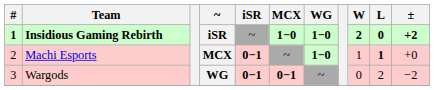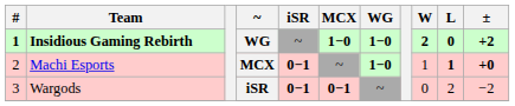 <table class="wikitable" style="font-size: 95%; text-align: center">
 <tr>
 <th width="15">#</th>
 <th style="width:200px;">Team</th>
 <th rowspan="10" style="width:5px;;"></th>
 <th>~</th>
 <th style="width:35px;" title="">iSR</th>
 <th style="width:35px;" title="">MCX</th>
 <th style="width:35px;" title="">WG</th>
 <th rowspan="10" style="width:5px;;"></th>
 <th style="width:20px;" title="Wins">W</th>
 <th style="width:20px;" title="Losses">L</th>
 <th style="width:40px;">±</th>
 </tr>
 <tr style="background:#cfc;">
 <td><strong>1</strong></td>
 <td style="text-align: left"> <strong>⁠⁠Insidious Gaming Rebirth</strong></td>
-<th>iSR</th>
+<th>WG</th>
 <td style="background-color:#aaaaaa">~</td>
 <td style="background-color:#ccffcc"><strong>1−0</strong></td>
 <td style="background-color:#ccffcc"><strong>1−0</strong></td>
 <td><strong>2</strong></td>
 <td><strong>0</strong></td>
 <td><strong>+2</strong></td>
 </tr>
 <tr style="background-color:#ffcccc">
 <td>2</td>
 <td style="text-align: left"> <a href='#'>Machi Esports</a></td>
 <th>MCX</th>
 <td style="background-color:#ffcccc"><strong>0−1</strong></td>
 <td style="background-color:#aaaaaa">~</td>
 <td style="background-color:#ccffcc"><strong>1−0</strong></td>
 <td>1</td>
 <td><strong>1</strong></td>
-<td>+0</td>
+<td><strong>+0</strong></td>
 </tr>
 <tr style="background-color:#ffcccc">
 <td>3</td>
 <td style="text-align: left"> ⁠Wargods</td>
-<th>WG</th>
+<th>iSR</th>
 <td style="background-color:#ffcccc"><strong>0−1</strong></td>
 <td style="background-color:#ffcccc"><strong>0−1</strong></td>
 <td style="background-color:#aaaaaa">~</td>
 <td>0</td>
 <td>2</td>
 <td>−2</td>
 </tr>
 <tr>
 </tr>
 </table>
